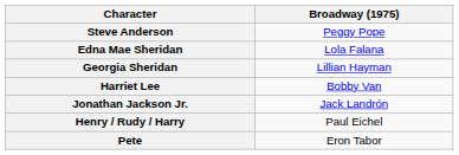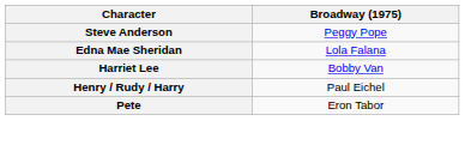 <table class="wikitable" style="width:50%; text-align:center">
 <tr>
 <th scope="col">Character</th>
 <th>Broadway (1975)</th>
 </tr>
 <tr>
 <th>Steve Anderson</th>
 <td colspan="1"><a href='#'>Peggy Pope</a></td>
 </tr>
 <tr>
 <th>Edna Mae Sheridan</th>
 <td colspan="1”"><a href='#'>Lola Falana</a></td>
 </tr>
 <tr>
-<th>Georgia Sheridan</th>
-<td colspan="1”"><a href='#'>Lillian Hayman</a></td>
-</tr>
-<tr>
 <th>Harriet Lee</th>
 <td colspan="1"><a href='#'>Bobby Van</a></td>
-</tr>
-<tr>
-<th>Jonathan Jackson Jr.</th>
-<td colspan="1"><a href='#'>Jack Landrón</a></td>
 </tr>
 <tr>
 <th>Henry / Rudy / Harry</th>
 <td colspan="1">Paul Eichel</td>
 </tr>
 <tr>
 <th>Pete</th>
 <td colspan="1">Eron Tabor</td>
 </tr>
 </table>
